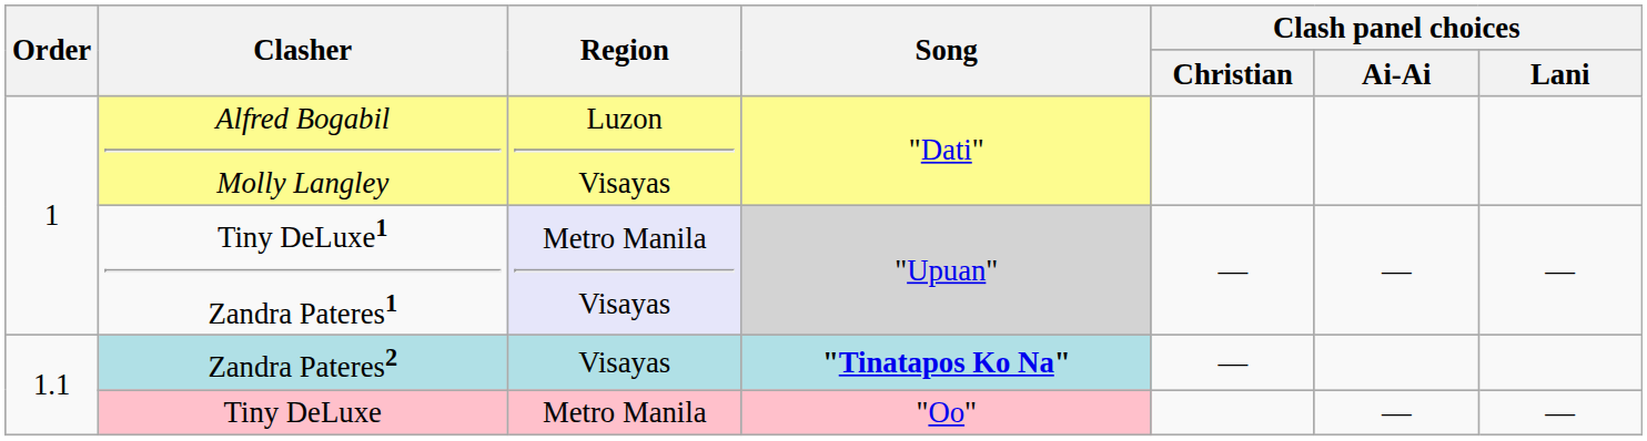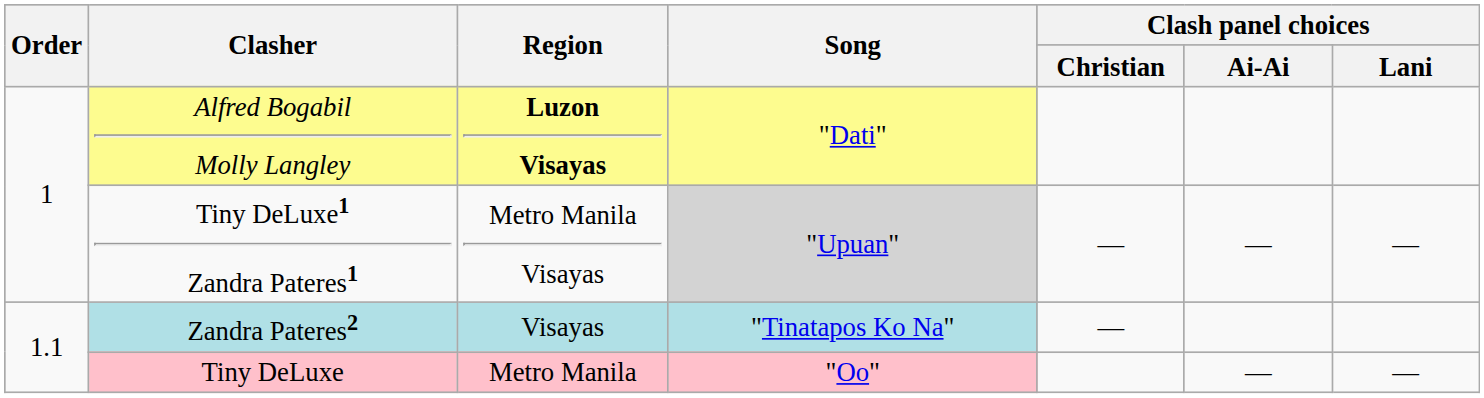 <table class="wikitable" style="text-align:center; line-height:17px; width:100%;">
 <tr>
 <th rowspan="2" width="5%">Order</th>
 <th rowspan="2" width="25%">Clasher</th>
 <th rowspan="2">Region</th>
 <th rowspan="2" width="25%">Song</th>
 <th colspan="3" width="30%">Clash panel choices</th>
 </tr>
 <tr>
 <th width="10%">Christian</th>
 <th width="10%">Ai-Ai</th>
 <th width="10%">Lani</th>
 </tr>
 <tr>
 <td rowspan="2">1</td>
 <td style="background:#fdfc8f;"><em>Alfred Bogabil</em><hr><em>Molly Langley</em></td>
-<td style="background:#fdfc8f;">Luzon<hr>Visayas</td>
+<td style="background:#fdfc8f;"><strong>Luzon<hr>Visayas</strong></td>
 <td style="background:#fdfc8f;">"<a href='#'>Dati</a>"</td>
 <td><strong></strong></td>
 <td><strong></strong></td>
 <td><strong></strong></td>
 </tr>
 <tr>
 <td>Tiny DeLuxe<sup><strong>1</strong></sup><hr>Zandra Pateres<sup><strong>1</strong></sup></td>
-<td style="background: lavender;">Metro Manila<hr>Visayas</td>
+<td>Metro Manila<hr>Visayas</td>
 <td style="background: lightgrey;">"<a href='#'>Upuan</a>"</td>
 <td>—</td>
 <td>—</td>
 <td>—</td>
 </tr>
 <tr>
 <td rowspan="2">1.1</td>
 <td style="background:#b0e0e6;">Zandra Pateres<sup><strong>2</strong></sup></td>
 <td style="background:#b0e0e6;">Visayas</td>
-<td style="background:#b0e0e6;"><strong>"<a href='#'>Tinatapos Ko Na</a>"</strong></td>
+<td style="background:#b0e0e6;">"<a href='#'>Tinatapos Ko Na</a>"</td>
 <td>—</td>
 <td><strong></strong></td>
 <td><strong></strong></td>
 </tr>
 <tr>
 <td style="background:pink;">Tiny DeLuxe</td>
 <td style="background:pink;">Metro Manila</td>
 <td style="background:pink;">"<a href='#'>Oo</a>"</td>
 <td><strong></strong></td>
 <td>—</td>
 <td>—</td>
 </tr>
 </table>
